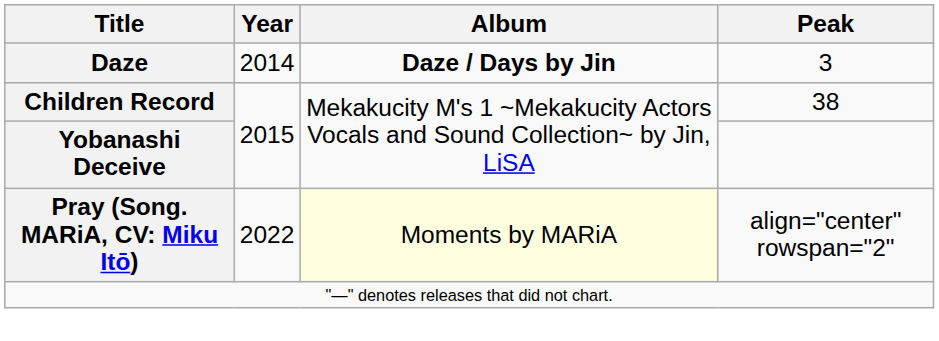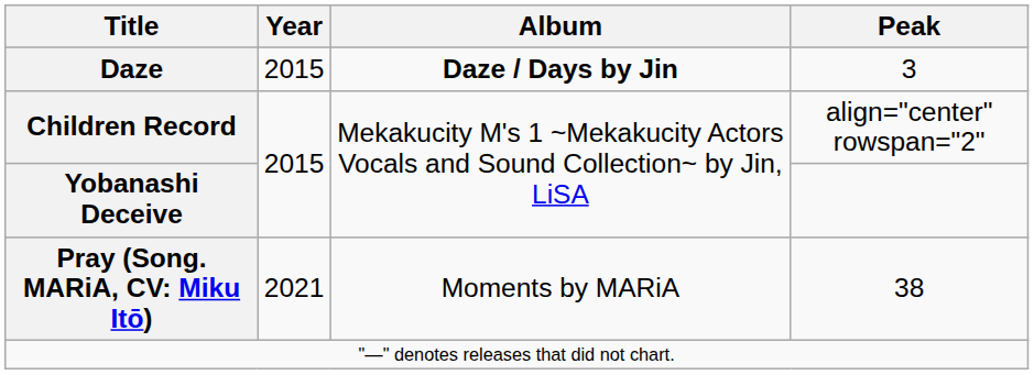 <table class="wikitable plainrowheaders" style="text-align:center;">
 <tr>
 <th scope="col">Title</th>
 <th scope="col">Year</th>
 <th scope="col">Album</th>
 <th scope="col">Peak</th>
 </tr>
 <tr>
 <th scope="row">Daze</th>
-<td>2014</td>
+<td>2015</td>
 <td><strong>Daze / Days by Jin</strong></td>
 <td>3</td>
 </tr>
 <tr>
 <th scope="row">Children Record</th>
 <td rowspan="2">2015</td>
 <td rowspan="2">Mekakucity M's 1 ~Mekakucity Actors Vocals and Sound Collection~ by Jin, <a href='#'>LiSA</a></td>
-<td align="center">38</td>
+<td>align="center" rowspan="2" </td>
 </tr>
 <tr>
 <th scope="row">Yobanashi Deceive</th>
 </tr>
 <tr>
 <th scope="row">Pray (Song. MARiA, CV: <a href='#'>Miku Itō</a>)</th>
-<td rowspan="1">2022</td>
-<td rowspan="1" style="background: lightyellow;">Moments by MARiA</td>
-<td>align="center" rowspan="2" </td>
+<td rowspan="1">2021</td>
+<td rowspan="1">Moments by MARiA</td>
+<td align="center">38</td>
 </tr>
 <tr>
 <td align="center" colspan="13" style="font-size: 8pt">"—" denotes releases that did not chart.</td>
 </tr>
 </table>
